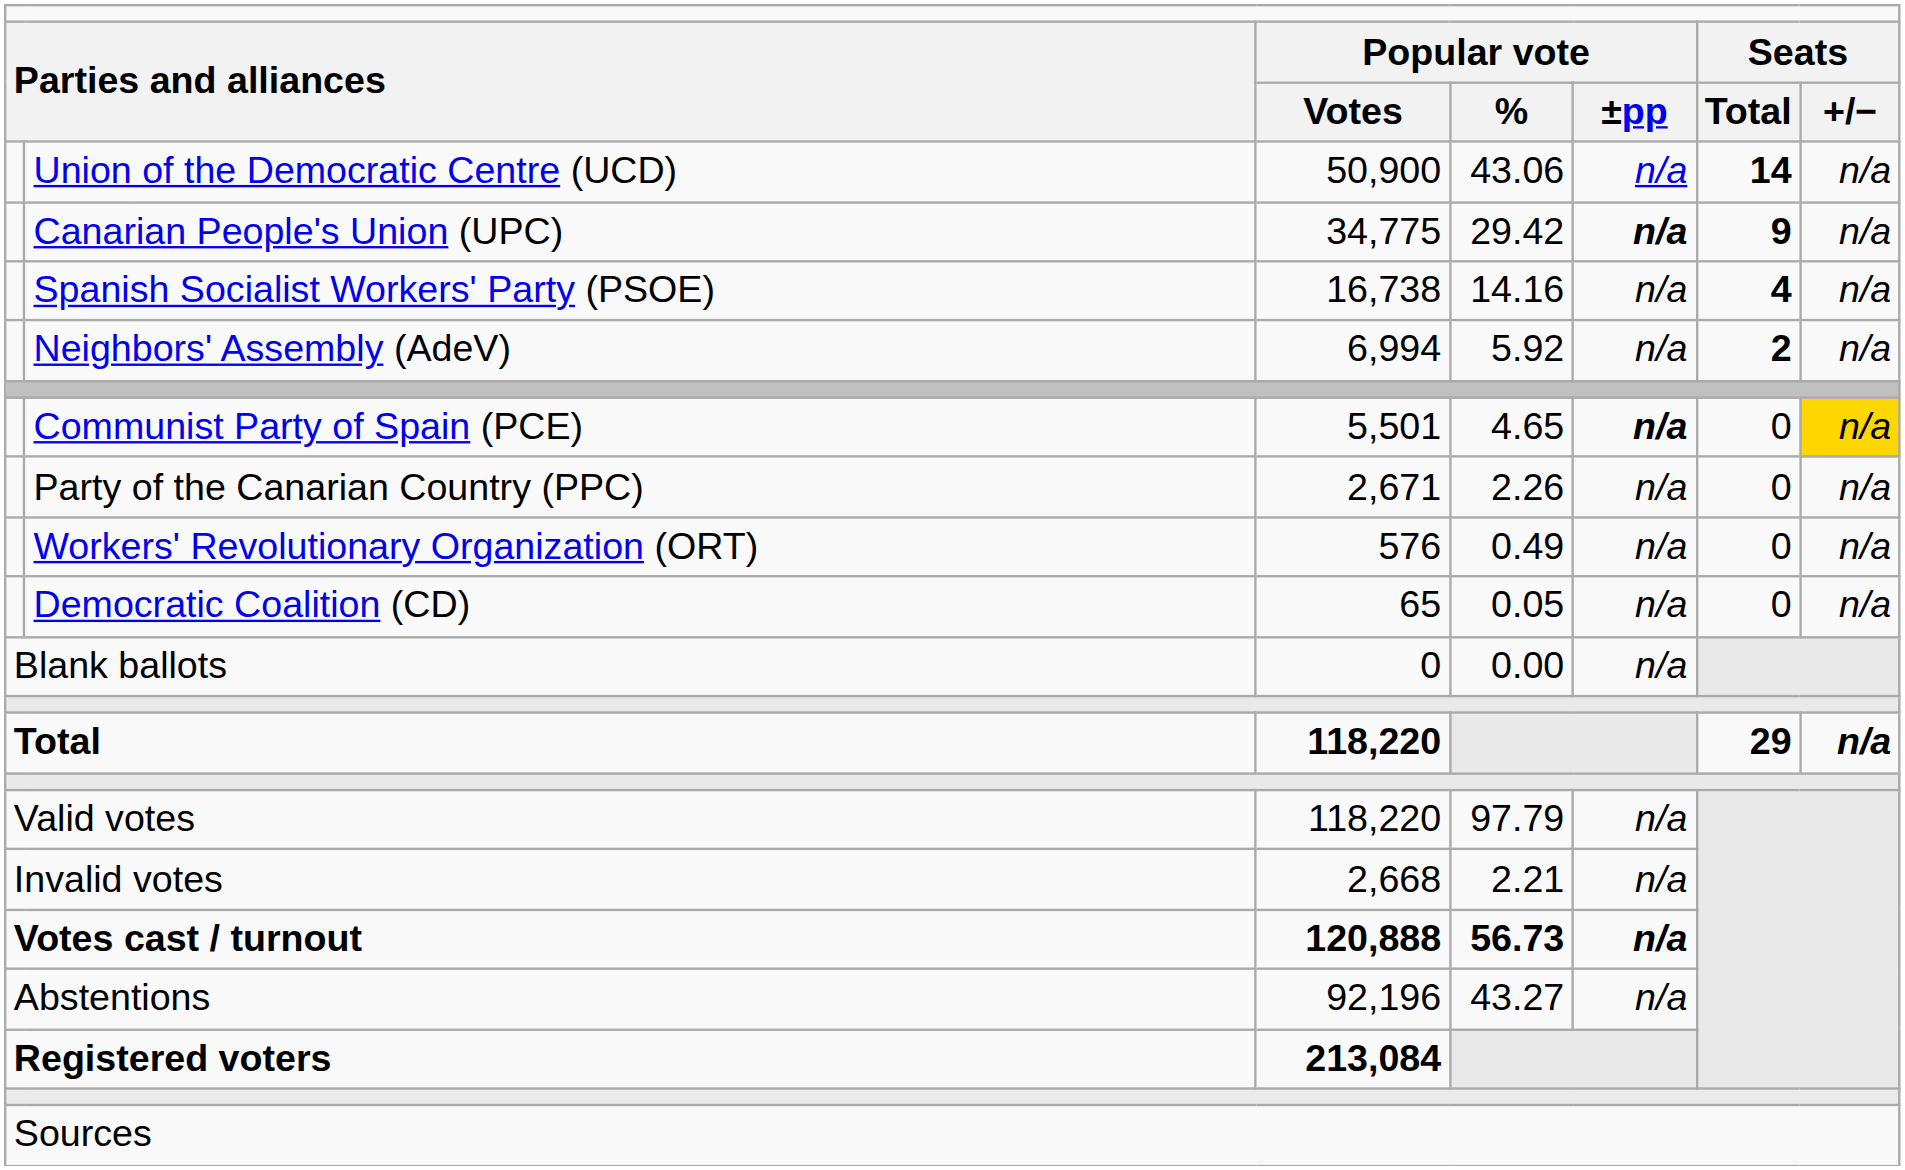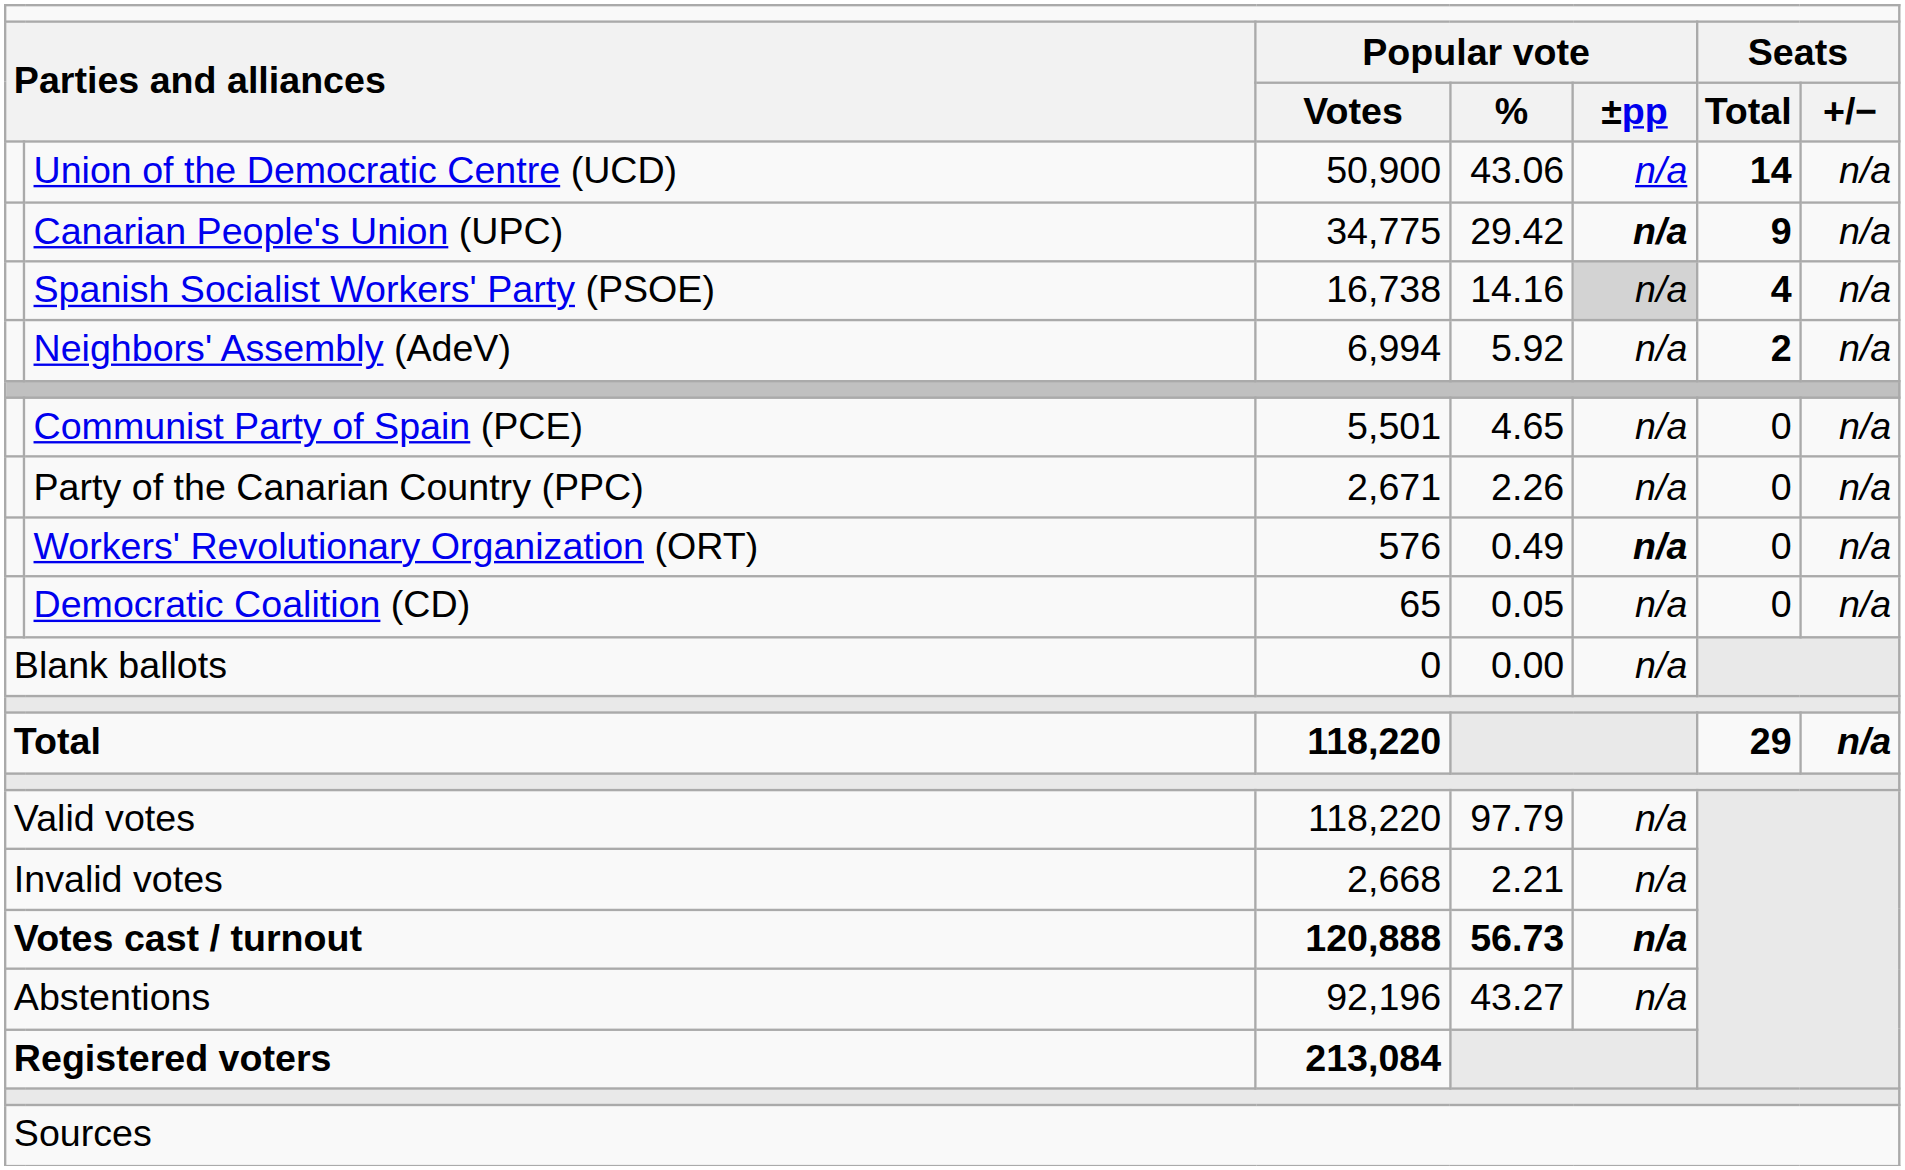 <table class="wikitable" style="text-align:right;">
 <tr>
 <td colspan="7"></td>
 </tr>
 <tr>
 <th style="text-align:left;" rowspan="2" colspan="2" width="525">Parties and alliances</th>
 <th colspan="3">Popular vote</th>
 <th colspan="2">Seats</th>
 </tr>
 <tr>
 <th width="75">Votes</th>
 <th width="45">%</th>
 <th width="45">±<a href='#'>pp</a></th>
 <th width="35">Total</th>
 <th width="35">+/−</th>
 </tr>
 <tr>
 <td width="1" style="color:inherit;background:"></td>
 <td align="left"><a href='#'>Union of the Democratic Centre</a> (UCD)</td>
 <td>50,900</td>
 <td>43.06</td>
 <td><em><a href='#'>n/a</a></em></td>
 <td><strong>14</strong></td>
 <td><em>n/a</em></td>
 </tr>
 <tr>
 <td style="color:inherit;background:"></td>
 <td align="left"><a href='#'>Canarian People's Union</a> (UPC)</td>
 <td>34,775</td>
 <td>29.42</td>
 <td><strong><em>n/a</em></strong></td>
 <td><strong>9</strong></td>
 <td><em>n/a</em></td>
 </tr>
 <tr>
 <td style="color:inherit;background:"></td>
 <td align="left"><a href='#'>Spanish Socialist Workers' Party</a> (PSOE)</td>
 <td>16,738</td>
 <td>14.16</td>
-<td><em>n/a</em></td>
+<td style="background: lightgrey;"><em>n/a</em></td>
 <td><strong>4</strong></td>
 <td><em>n/a</em></td>
 </tr>
 <tr>
 <td style="color:inherit;background:"></td>
 <td align="left"><a href='#'>Neighbors' Assembly</a> (AdeV)</td>
 <td>6,994</td>
 <td>5.92</td>
 <td><em>n/a</em></td>
 <td><strong>2</strong></td>
 <td><em>n/a</em></td>
 </tr>
 <tr>
 <td colspan="7" bgcolor="#C0C0C0"></td>
 </tr>
 <tr>
 <td style="color:inherit;background:"></td>
 <td align="left"><a href='#'>Communist Party of Spain</a> (PCE)</td>
 <td>5,501</td>
 <td>4.65</td>
-<td><strong><em>n/a</em></strong></td>
+<td><em>n/a</em></td>
 <td>0</td>
-<td style="background: gold;"><em>n/a</em></td>
+<td><em>n/a</em></td>
 </tr>
 <tr>
 <td style="color:inherit;background:"></td>
 <td align="left">Party of the Canarian Country (PPC)</td>
 <td>2,671</td>
 <td>2.26</td>
 <td><em>n/a</em></td>
 <td>0</td>
 <td><em>n/a</em></td>
 </tr>
 <tr>
 <td style="color:inherit;background:"></td>
 <td align="left"><a href='#'>Workers' Revolutionary Organization</a> (ORT)</td>
 <td>576</td>
 <td>0.49</td>
-<td><em>n/a</em></td>
+<td><strong><em>n/a</em></strong></td>
 <td>0</td>
 <td><em>n/a</em></td>
 </tr>
 <tr>
 <td style="color:inherit;background:"></td>
 <td align="left"><a href='#'>Democratic Coalition</a> (CD)</td>
 <td>65</td>
 <td>0.05</td>
 <td><em>n/a</em></td>
 <td>0</td>
 <td><em>n/a</em></td>
 </tr>
 <tr>
 <td align="left" colspan="2">Blank ballots</td>
 <td>0</td>
 <td>0.00</td>
 <td><em>n/a</em></td>
 <td bgcolor="#E9E9E9" colspan="2"></td>
 </tr>
 <tr>
 <td colspan="7" bgcolor="#E9E9E9"></td>
 </tr>
 <tr style="font-weight:bold;">
 <td align="left" colspan="2">Total</td>
 <td>118,220</td>
 <td bgcolor="#E9E9E9" colspan="2"></td>
 <td>29</td>
 <td><em>n/a</em></td>
 </tr>
 <tr>
 <td colspan="7" bgcolor="#E9E9E9"></td>
 </tr>
 <tr>
 <td align="left" colspan="2">Valid votes</td>
 <td>118,220</td>
 <td>97.79</td>
 <td><em>n/a</em></td>
 <td bgcolor="#E9E9E9" colspan="2" rowspan="5"></td>
 </tr>
 <tr>
 <td align="left" colspan="2">Invalid votes</td>
 <td>2,668</td>
 <td>2.21</td>
 <td><em>n/a</em></td>
 </tr>
 <tr style="font-weight:bold;">
 <td align="left" colspan="2">Votes cast / turnout</td>
 <td>120,888</td>
 <td>56.73</td>
 <td><em>n/a</em></td>
 </tr>
 <tr>
 <td align="left" colspan="2">Abstentions</td>
 <td>92,196</td>
 <td>43.27</td>
 <td><em>n/a</em></td>
 </tr>
 <tr style="font-weight:bold;">
 <td align="left" colspan="2">Registered voters</td>
 <td>213,084</td>
 <td bgcolor="#E9E9E9" colspan="2"></td>
 </tr>
 <tr>
 <td colspan="7" bgcolor="#E9E9E9"></td>
 </tr>
 <tr>
 <td align="left" colspan="7">Sources</td>
 </tr>
 </table>
